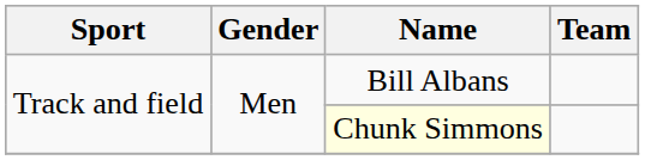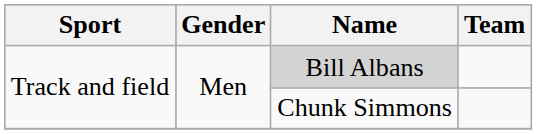 <table class="wikitable" style="text-align: center;">
 <tr>
 <th>Sport</th>
 <th>Gender</th>
 <th>Name</th>
 <th>Team</th>
 </tr>
 <tr>
 <td rowspan="2">Track and field</td>
 <td rowspan="2">Men</td>
-<td>Bill Albans</td>
+<td style="background: lightgrey;">Bill Albans</td>
 <td></td>
 </tr>
 <tr>
-<td style="background: lightyellow;">Chunk Simmons</td>
+<td>Chunk Simmons</td>
 <td></td>
 </tr>
 <tr>
 </tr>
 </table>
